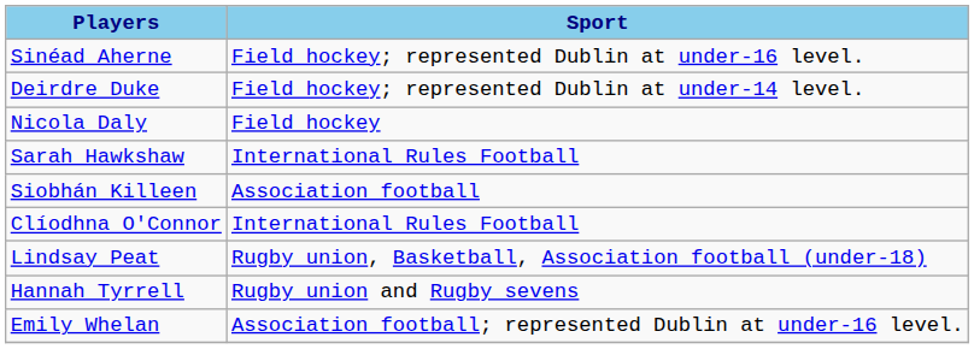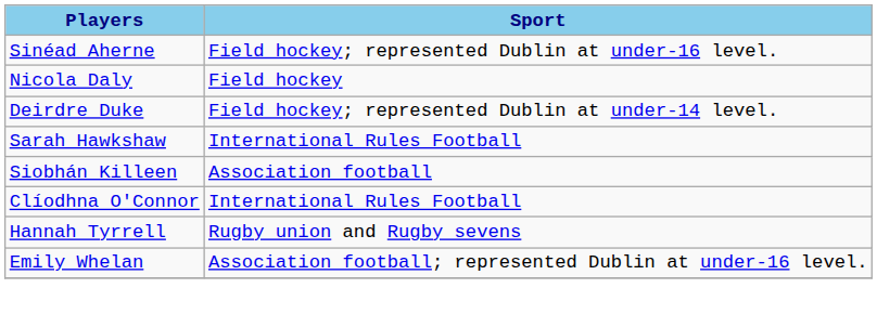 <table class="wikitable collapsible">
 <tr>
 <th style="background:skyblue; color:navy;">Players</th>
 <th style="background:skyblue; color:navy;">Sport</th>
 </tr>
 <tr>
 <td><a href='#'>Sinéad Aherne</a></td>
 <td><a href='#'>Field hockey</a>; represented Dublin at <a href='#'>under-16</a> level.</td>
 </tr>
 <tr>
+<td><a href='#'>Nicola Daly</a></td>
+<td><a href='#'>Field hockey</a></td>
+</tr>
+<tr>
 <td><a href='#'>Deirdre Duke</a></td>
 <td><a href='#'>Field hockey</a>; represented Dublin at <a href='#'>under-14</a> level.</td>
-</tr>
-<tr>
-<td><a href='#'>Nicola Daly</a></td>
-<td><a href='#'>Field hockey</a></td>
 </tr>
 <tr>
 <td><a href='#'>Sarah Hawkshaw</a></td>
 <td><a href='#'>International Rules Football</a></td>
 </tr>
 <tr>
 <td><a href='#'>Siobhán Killeen</a></td>
 <td><a href='#'>Association football</a></td>
 </tr>
 <tr>
 <td><a href='#'>Clíodhna O'Connor</a></td>
 <td><a href='#'>International Rules Football</a></td>
 </tr>
 <tr>
-<td><a href='#'>Lindsay Peat</a></td>
-<td><a href='#'>Rugby union</a>, <a href='#'>Basketball</a>, <a href='#'>Association football (under-18)</a></td>
-</tr>
-<tr>
 <td><a href='#'>Hannah Tyrrell</a></td>
 <td><a href='#'>Rugby union</a> and <a href='#'>Rugby sevens</a></td>
 </tr>
 <tr>
 <td><a href='#'>Emily Whelan</a></td>
 <td><a href='#'>Association football</a>; represented Dublin at <a href='#'>under-16</a> level.</td>
 </tr>
 <tr>
 </tr>
 </table>
